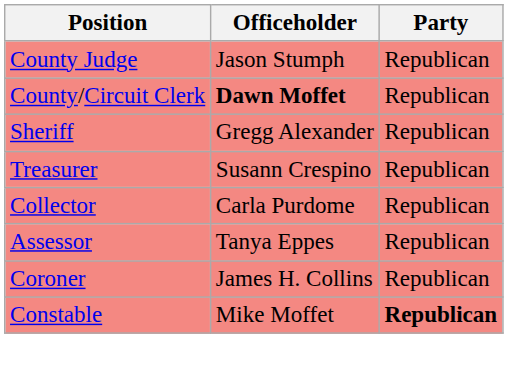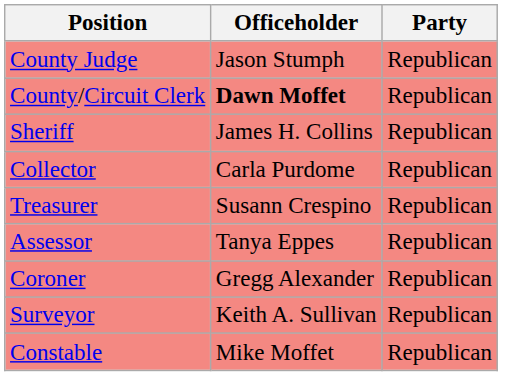 <table class="wikitable">
 <tr>
 <th>Position</th>
 <th>Officeholder</th>
 <th>Party</th>
 </tr>
 <tr style="background-color:#F48882;">
 <td><a href='#'>County Judge</a></td>
 <td>Jason Stumph</td>
 <td>Republican</td>
 </tr>
 <tr style="background-color:#F48882;">
 <td><a href='#'>County</a>/<a href='#'>Circuit Clerk</a></td>
 <td><strong>Dawn Moffet</strong></td>
 <td>Republican</td>
 </tr>
 <tr style="background-color:#F48882;">
 <td><a href='#'>Sheriff</a></td>
-<td>Gregg Alexander</td>
+<td>James H. Collins</td>
+<td>Republican</td>
+</tr>
+<tr style="background-color:#F48882;">
+<td><a href='#'>Collector</a></td>
+<td>Carla Purdome</td>
 <td>Republican</td>
 </tr>
 <tr style="background-color:#F48882;">
 <td><a href='#'>Treasurer</a></td>
 <td>Susann Crespino</td>
-<td>Republican</td>
-</tr>
-<tr style="background-color:#F48882;">
-<td><a href='#'>Collector</a></td>
-<td>Carla Purdome</td>
 <td>Republican</td>
 </tr>
 <tr style="background-color:#F48882;">
 <td><a href='#'>Assessor</a></td>
 <td>Tanya Eppes</td>
 <td>Republican</td>
 </tr>
 <tr style="background-color:#F48882;">
 <td><a href='#'>Coroner</a></td>
-<td>James H. Collins</td>
+<td>Gregg Alexander</td>
+<td>Republican</td>
+</tr>
+<tr style="background-color:#F48882;">
+<td><a href='#'>Surveyor</a></td>
+<td>Keith A. Sullivan</td>
 <td>Republican</td>
 </tr>
 <tr style="background-color:#F48882;">
 <td><a href='#'>Constable</a></td>
 <td>Mike Moffet</td>
-<td><strong>Republican</strong></td>
+<td>Republican</td>
 </tr>
 </table>
